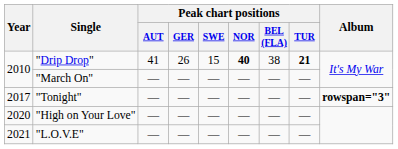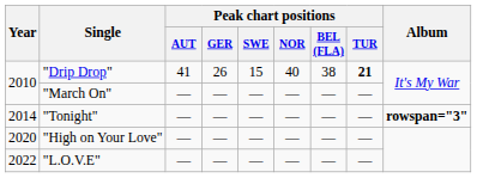 <table class="wikitable" style=text-align:center;>
 <tr>
 <th rowspan="2">Year</th>
 <th rowspan="2">Single</th>
 <th colspan="6">Peak chart positions</th>
 <th rowspan="2">Album</th>
 </tr>
 <tr style=font-size:smaller>
 <th width=35><a href='#'>AUT</a></th>
 <th width=35><a href='#'>GER</a></th>
 <th width=35><a href='#'>SWE</a></th>
 <th width=35><a href='#'>NOR</a></th>
 <th width=35><a href='#'>BEL (FLA)</a></th>
 <th width=35><a href='#'>TUR</a></th>
 </tr>
 <tr>
 <td rowspan=2>2010</td>
 <td align="left">"<a href='#'>Drip Drop</a>"</td>
 <td align="center">41</td>
 <td align="center">26</td>
 <td align="center">15</td>
-<td align="center"><strong>40</strong></td>
+<td align="center">40</td>
 <td align="center">38</td>
 <td align="center"><strong>21</strong></td>
 <td rowspan="2"><em><a href='#'>It's My War</a></em></td>
 </tr>
 <tr>
 <td align="left">"March On"</td>
 <td align="center">—</td>
 <td align="center">—</td>
 <td align="center">—</td>
 <td align="center">—</td>
 <td align="center">—</td>
 <td align="center">—</td>
 </tr>
 <tr>
-<td rowspan="1">2017</td>
+<td rowspan="1">2014</td>
 <td align="left">"Tonight"</td>
 <td align="center">—</td>
 <td align="center">—</td>
 <td align="center">—</td>
 <td align="center">—</td>
 <td align="center">—</td>
 <td align="center">—</td>
 <td><strong>rowspan="3" </strong></td>
 </tr>
 <tr>
 <td rowspan="1">2020</td>
 <td align="left">"High on Your Love"</td>
 <td align="center">—</td>
 <td align="center">—</td>
 <td align="center">—</td>
 <td align="center">—</td>
 <td align="center">—</td>
 <td align="center">—</td>
 </tr>
 <tr>
-<td rowspan="1">2021</td>
+<td rowspan="1">2022</td>
 <td align="left">"L.O.V.E"</td>
 <td>—</td>
 <td>—</td>
 <td>—</td>
 <td>—</td>
 <td>—</td>
 <td>—</td>
 </tr>
 </table>
